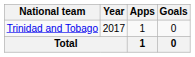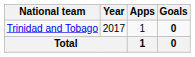 <table class="wikitable" style="text-align:center">
 <tr>
 <th>National team</th>
 <th>Year</th>
 <th>Apps</th>
 <th>Goals</th>
 </tr>
 <tr>
 <td rowspan="1"><a href='#'>Trinidad and Tobago</a></td>
 <td>2017</td>
 <td>1</td>
-<td>0</td>
+<td><strong>0</strong></td>
 </tr>
 <tr>
 <th colspan=2>Total</th>
 <th>1</th>
 <th>0</th>
 </tr>
 </table>
